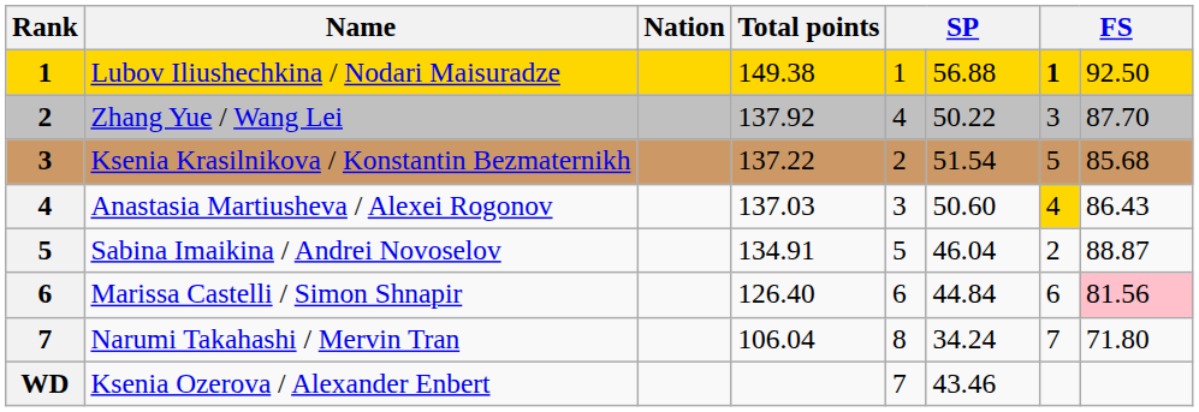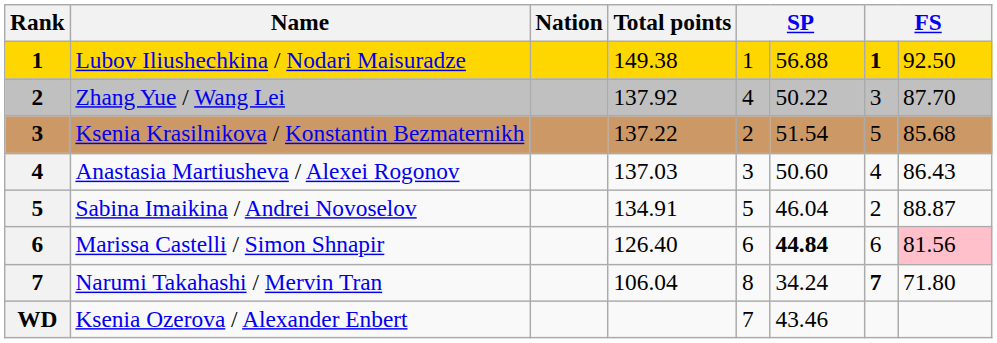 <table class="wikitable">
 <tr>
 <th>Rank</th>
 <th>Name</th>
 <th>Nation</th>
 <th>Total points</th>
 <th colspan="2" width="80px"><a href='#'>SP</a></th>
 <th colspan="2" width="80px"><a href='#'>FS</a></th>
 </tr>
 <tr bgcolor="gold">
 <td align="center"><strong>1</strong></td>
 <td><a href='#'>Lubov Iliushechkina</a> / <a href='#'>Nodari Maisuradze</a></td>
 <td></td>
 <td>149.38</td>
 <td>1</td>
 <td>56.88</td>
 <td><strong>1</strong></td>
 <td>92.50</td>
 </tr>
 <tr bgcolor="silver">
 <td align="center"><strong>2</strong></td>
 <td><a href='#'>Zhang Yue</a> / <a href='#'>Wang Lei</a></td>
 <td></td>
 <td>137.92</td>
 <td>4</td>
 <td>50.22</td>
 <td>3</td>
 <td>87.70</td>
 </tr>
 <tr bgcolor="cc9966">
 <td align="center"><strong>3</strong></td>
 <td><a href='#'>Ksenia Krasilnikova</a> / <a href='#'>Konstantin Bezmaternikh</a></td>
 <td></td>
 <td>137.22</td>
 <td>2</td>
 <td>51.54</td>
 <td>5</td>
 <td>85.68</td>
 </tr>
 <tr>
 <th>4</th>
 <td><a href='#'>Anastasia Martiusheva</a> / <a href='#'>Alexei Rogonov</a></td>
 <td></td>
 <td>137.03</td>
 <td>3</td>
 <td>50.60</td>
-<td style="background: gold;">4</td>
+<td>4</td>
 <td>86.43</td>
 </tr>
 <tr>
 <th>5</th>
 <td><a href='#'>Sabina Imaikina</a> / <a href='#'>Andrei Novoselov</a></td>
 <td></td>
 <td>134.91</td>
 <td>5</td>
 <td>46.04</td>
 <td>2</td>
 <td>88.87</td>
 </tr>
 <tr>
 <th>6</th>
 <td><a href='#'>Marissa Castelli</a> / <a href='#'>Simon Shnapir</a></td>
 <td></td>
 <td>126.40</td>
 <td>6</td>
-<td>44.84</td>
+<td><strong>44.84</strong></td>
 <td>6</td>
 <td style="background: pink;">81.56</td>
 </tr>
 <tr>
 <th>7</th>
 <td><a href='#'>Narumi Takahashi</a> / <a href='#'>Mervin Tran</a></td>
 <td></td>
 <td>106.04</td>
 <td>8</td>
 <td>34.24</td>
-<td>7</td>
+<td><strong>7</strong></td>
 <td>71.80</td>
 </tr>
 <tr>
 <th>WD</th>
 <td><a href='#'>Ksenia Ozerova</a> / <a href='#'>Alexander Enbert</a></td>
 <td></td>
 <td></td>
 <td>7</td>
 <td>43.46</td>
 <td></td>
 <td></td>
 </tr>
 </table>
